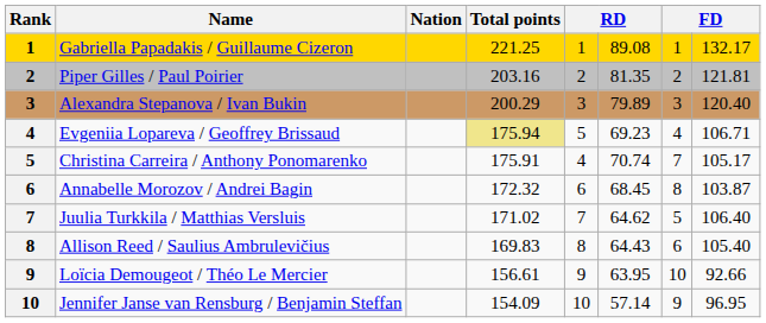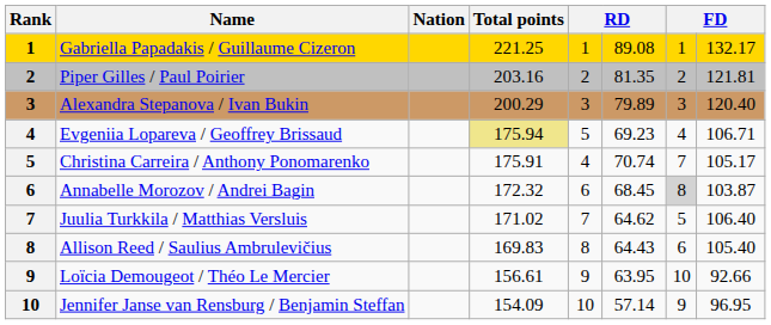 <table class="wikitable sortable">
 <tr>
 <th>Rank</th>
 <th>Name</th>
 <th>Nation</th>
 <th>Total points</th>
 <th colspan="2" width="80px"><a href='#'>RD</a></th>
 <th colspan="2" width="80px"><a href='#'>FD</a></th>
 </tr>
 <tr bgcolor="gold">
 <td align="center"><strong>1</strong></td>
 <td><a href='#'>Gabriella Papadakis</a> / <a href='#'>Guillaume Cizeron</a></td>
 <td></td>
 <td align="center">221.25</td>
 <td align="center">1</td>
 <td align="center">89.08</td>
 <td align="center">1</td>
 <td align="center">132.17</td>
 </tr>
 <tr bgcolor="silver">
 <td align="center"><strong>2</strong></td>
 <td><a href='#'>Piper Gilles</a> / <a href='#'>Paul Poirier</a></td>
 <td></td>
 <td align="center">203.16</td>
 <td align="center">2</td>
 <td align="center">81.35</td>
 <td align="center">2</td>
 <td align="center">121.81</td>
 </tr>
 <tr bgcolor="cc9966">
 <td align="center"><strong>3</strong></td>
 <td><a href='#'>Alexandra Stepanova</a> / <a href='#'>Ivan Bukin</a></td>
 <td></td>
 <td align="center">200.29</td>
 <td align="center">3</td>
 <td align="center">79.89</td>
 <td align="center">3</td>
 <td align="center">120.40</td>
 </tr>
 <tr>
 <th>4</th>
 <td><a href='#'>Evgeniia Lopareva</a> / <a href='#'>Geoffrey Brissaud</a></td>
 <td></td>
 <td align="center" style="background: khaki;">175.94</td>
 <td align="center">5</td>
 <td align="center">69.23</td>
 <td align="center">4</td>
 <td align="center">106.71</td>
 </tr>
 <tr>
 <th>5</th>
 <td><a href='#'>Christina Carreira</a> / <a href='#'>Anthony Ponomarenko</a></td>
 <td></td>
 <td align="center">175.91</td>
 <td align="center">4</td>
 <td align="center">70.74</td>
 <td align="center">7</td>
 <td align="center">105.17</td>
 </tr>
 <tr>
 <th>6</th>
 <td><a href='#'>Annabelle Morozov</a> / <a href='#'>Andrei Bagin</a></td>
 <td></td>
 <td align="center">172.32</td>
 <td align="center">6</td>
 <td align="center">68.45</td>
-<td align="center">8</td>
+<td align="center" style="background: lightgrey;">8</td>
 <td align="center">103.87</td>
 </tr>
 <tr>
 <th>7</th>
 <td><a href='#'>Juulia Turkkila</a> / <a href='#'>Matthias Versluis</a></td>
 <td></td>
 <td align="center">171.02</td>
 <td align="center">7</td>
 <td align="center">64.62</td>
 <td align="center">5</td>
 <td align="center">106.40</td>
 </tr>
 <tr>
 <th>8</th>
 <td><a href='#'>Allison Reed</a> / <a href='#'>Saulius Ambrulevičius</a></td>
 <td></td>
 <td align="center">169.83</td>
 <td align="center">8</td>
 <td align="center">64.43</td>
 <td align="center">6</td>
 <td align="center">105.40</td>
 </tr>
 <tr>
 <th>9</th>
 <td><a href='#'>Loïcia Demougeot</a> / <a href='#'>Théo Le Mercier</a></td>
 <td></td>
 <td align="center">156.61</td>
 <td align="center">9</td>
 <td align="center">63.95</td>
 <td align="center">10</td>
 <td align="center">92.66</td>
 </tr>
 <tr>
 <th>10</th>
 <td><a href='#'>Jennifer Janse van Rensburg</a> / <a href='#'>Benjamin Steffan</a></td>
 <td></td>
 <td align="center">154.09</td>
 <td align="center">10</td>
 <td align="center">57.14</td>
 <td align="center">9</td>
 <td align="center">96.95</td>
 </tr>
 </table>
